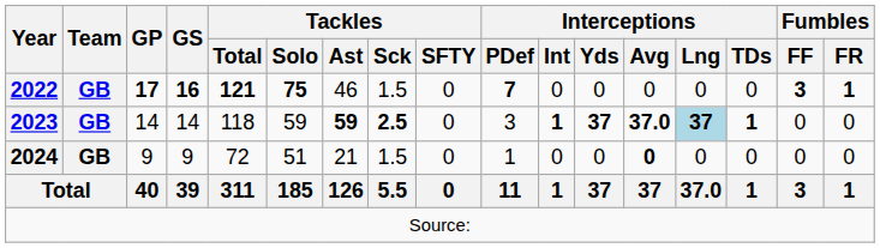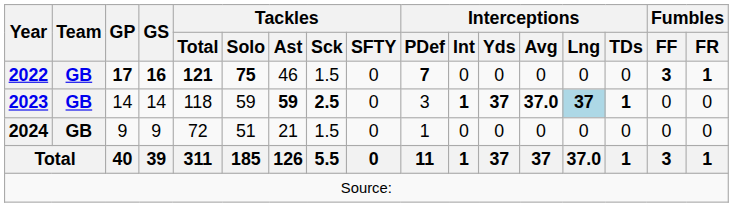 <table class="wikitable" style="text-align: center;">
 <tr>
 <th rowspan=2>Year</th>
 <th rowspan=2>Team</th>
 <th rowspan=2>GP</th>
 <th rowspan=2>GS</th>
 <th colspan=5>Tackles</th>
 <th colspan=6>Interceptions</th>
 <th colspan=2>Fumbles</th>
 </tr>
 <tr>
 <th>Total</th>
 <th>Solo</th>
 <th>Ast</th>
 <th>Sck</th>
 <th>SFTY</th>
 <th>PDef</th>
 <th>Int</th>
 <th>Yds</th>
 <th>Avg</th>
 <th>Lng</th>
 <th>TDs</th>
 <th>FF</th>
 <th>FR</th>
 </tr>
 <tr>
 <th><a href='#'>2022</a></th>
 <th><a href='#'>GB</a></th>
 <td><strong>17</strong></td>
 <td><strong>16</strong></td>
 <td><strong>121</strong></td>
 <td><strong>75</strong></td>
 <td>46</td>
 <td>1.5</td>
 <td>0</td>
 <td><strong>7</strong></td>
 <td>0</td>
 <td>0</td>
 <td>0</td>
 <td>0</td>
 <td>0</td>
 <td><strong>3</strong></td>
 <td><strong>1</strong></td>
 </tr>
 <tr>
 <th><a href='#'>2023</a></th>
 <th><a href='#'>GB</a></th>
 <td>14</td>
 <td>14</td>
 <td>118</td>
 <td>59</td>
 <td><strong>59</strong></td>
 <td><strong>2.5</strong></td>
 <td>0</td>
 <td>3</td>
 <td><strong>1</strong></td>
 <td><strong>37</strong></td>
 <td><strong>37.0</strong></td>
 <td style="background: lightblue;"><strong>37</strong></td>
 <td><strong>1</strong></td>
 <td>0</td>
 <td>0</td>
 </tr>
 <tr>
 <th>2024</th>
 <th>GB</th>
 <td>9</td>
 <td>9</td>
 <td>72</td>
 <td>51</td>
 <td>21</td>
 <td>1.5</td>
 <td>0</td>
 <td>1</td>
 <td>0</td>
 <td>0</td>
-<td><strong>0</strong></td>
+<td>0</td>
 <td>0</td>
 <td>0</td>
 <td>0</td>
 <td>0</td>
 </tr>
 <tr>
 <th colspan="2">Total</th>
 <th>40</th>
 <th>39</th>
 <th>311</th>
 <th>185</th>
 <th>126</th>
 <th>5.5</th>
 <th>0</th>
 <th>11</th>
 <th>1</th>
 <th>37</th>
 <th>37</th>
 <th>37.0</th>
 <th>1</th>
 <th>3</th>
 <th>1</th>
 </tr>
 <tr>
 <td colspan="17"><small>Source: </small></td>
 </tr>
 </table>
